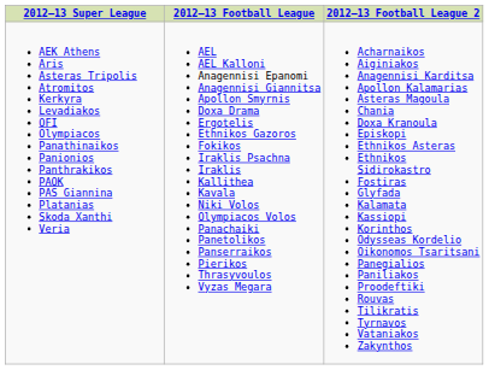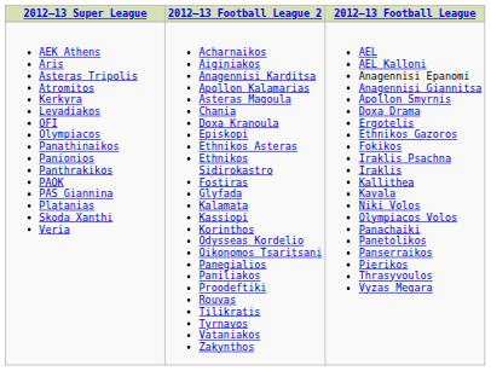 <table class="wikitable">
 <tr valign="top" bgcolor="#D6E2B3">
 <td align="center" width="25%"><strong><a href='#'>2012–13 Super League</a></strong></td>
+<td align="center" width="25%"><strong><a href='#'>2012–13 Football League 2</a></strong></td>
 <td align="center" width="25%"><strong><a href='#'>2012–13 Football League</a></strong></td>
-<td align="center" width="25%"><strong><a href='#'>2012–13 Football League 2</a></strong></td>
 </tr>
 <tr valign="top">
 <td><br><ul><li><a href='#'>AEK Athens</a></li><li><a href='#'>Aris</a></li><li><a href='#'>Asteras Tripolis</a></li><li><a href='#'>Atromitos</a></li><li><a href='#'>Kerkyra</a></li><li><a href='#'>Levadiakos</a></li><li><a href='#'>OFI</a></li><li><a href='#'>Olympiacos</a></li><li><a href='#'>Panathinaikos</a></li><li><a href='#'>Panionios</a></li><li><a href='#'>Panthrakikos</a></li><li><a href='#'>PAOK</a></li><li><a href='#'>PAS Giannina</a></li><li><a href='#'>Platanias</a></li><li><a href='#'>Skoda Xanthi</a></li><li><a href='#'>Veria</a></li></ul></td>
+<td><br><ul><li><a href='#'>Acharnaikos</a></li><li><a href='#'>Aiginiakos</a></li><li><a href='#'>Anagennisi Karditsa</a></li><li><a href='#'>Apollon Kalamarias</a></li><li><a href='#'>Asteras Magoula</a></li><li><a href='#'>Chania</a></li><li><a href='#'>Doxa Kranoula</a></li><li><a href='#'>Episkopi</a></li><li><a href='#'>Ethnikos Asteras</a></li><li><a href='#'>Ethnikos Sidirokastro</a></li><li><a href='#'>Fostiras</a></li><li><a href='#'>Glyfada</a></li><li><a href='#'>Kalamata</a></li><li><a href='#'>Kassiopi</a></li><li><a href='#'>Korinthos</a></li><li><a href='#'>Odysseas Kordelio</a></li><li><a href='#'>Oikonomos Tsaritsani</a></li><li><a href='#'>Panegialios</a></li><li><a href='#'>Paniliakos</a></li><li><a href='#'>Proodeftiki</a></li><li><a href='#'>Rouvas</a></li><li><a href='#'>Tilikratis</a></li><li><a href='#'>Tyrnavos</a></li><li><a href='#'>Vataniakos</a></li><li><a href='#'>Zakynthos</a></li></ul></td>
 <td><br><ul><li><a href='#'>AEL</a></li><li><a href='#'>AEL Kalloni</a></li><li>Anagennisi Epanomi</li><li><a href='#'>Anagennisi Giannitsa</a></li><li><a href='#'>Apollon Smyrnis</a></li><li><a href='#'>Doxa Drama</a></li><li><a href='#'>Ergotelis</a></li><li><a href='#'>Ethnikos Gazoros</a></li><li><a href='#'>Fokikos</a></li><li><a href='#'>Iraklis Psachna</a></li><li><a href='#'>Iraklis</a></li><li><a href='#'>Kallithea</a></li><li><a href='#'>Kavala</a></li><li><a href='#'>Niki Volos</a></li><li><a href='#'>Olympiacos Volos</a></li><li><a href='#'>Panachaiki</a></li><li><a href='#'>Panetolikos</a></li><li><a href='#'>Panserraikos</a></li><li><a href='#'>Pierikos</a></li><li><a href='#'>Thrasyvoulos</a></li><li><a href='#'>Vyzas Megara</a></li></ul></td>
-<td><br><ul><li><a href='#'>Acharnaikos</a></li><li><a href='#'>Aiginiakos</a></li><li><a href='#'>Anagennisi Karditsa</a></li><li><a href='#'>Apollon Kalamarias</a></li><li><a href='#'>Asteras Magoula</a></li><li><a href='#'>Chania</a></li><li><a href='#'>Doxa Kranoula</a></li><li><a href='#'>Episkopi</a></li><li><a href='#'>Ethnikos Asteras</a></li><li><a href='#'>Ethnikos Sidirokastro</a></li><li><a href='#'>Fostiras</a></li><li><a href='#'>Glyfada</a></li><li><a href='#'>Kalamata</a></li><li><a href='#'>Kassiopi</a></li><li><a href='#'>Korinthos</a></li><li><a href='#'>Odysseas Kordelio</a></li><li><a href='#'>Oikonomos Tsaritsani</a></li><li><a href='#'>Panegialios</a></li><li><a href='#'>Paniliakos</a></li><li><a href='#'>Proodeftiki</a></li><li><a href='#'>Rouvas</a></li><li><a href='#'>Tilikratis</a></li><li><a href='#'>Tyrnavos</a></li><li><a href='#'>Vataniakos</a></li><li><a href='#'>Zakynthos</a></li></ul></td>
 </tr>
 </table>
